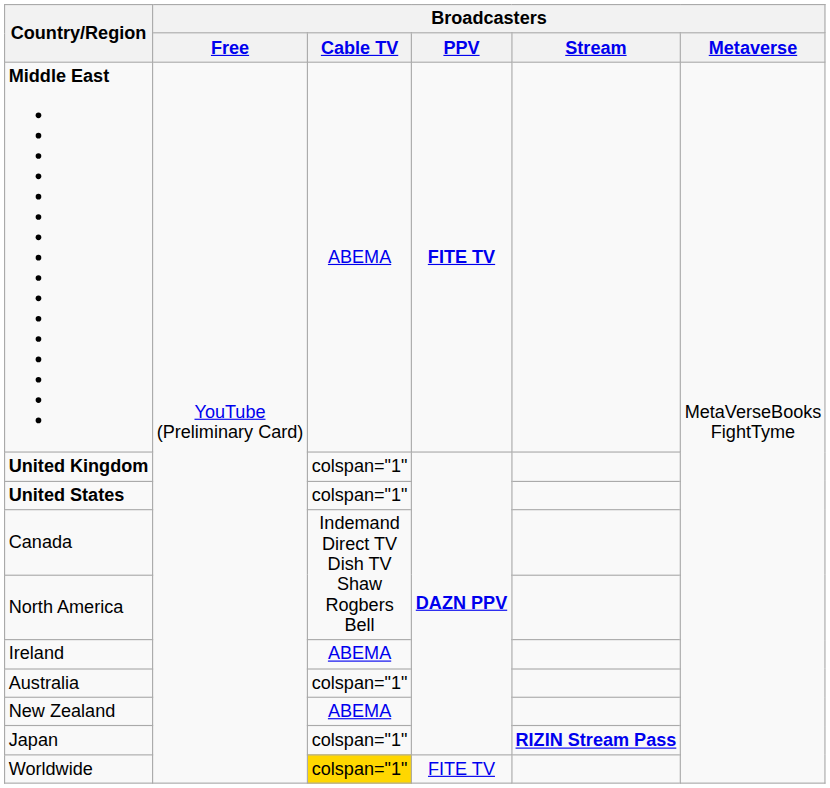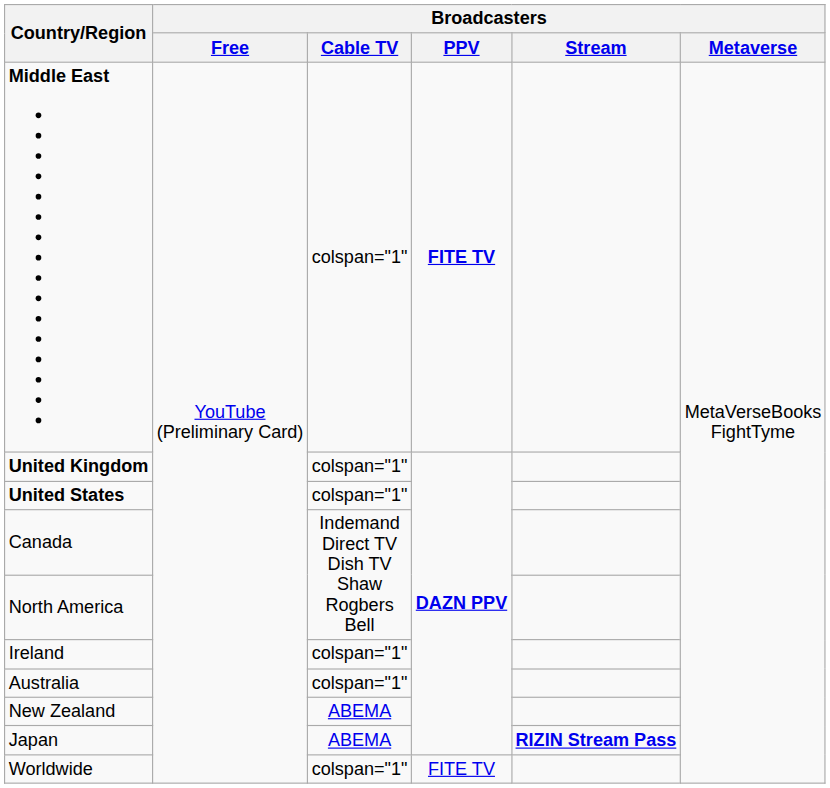 <table class="wikitable">
 <tr>
 <th rowspan="2">Country/Region</th>
 <th colspan="5">Broadcasters</th>
 </tr>
 <tr>
 <th><a href='#'>Free</a></th>
 <th><a href='#'>Cable TV</a></th>
 <th><a href='#'>PPV</a></th>
 <th><a href='#'>Stream</a></th>
 <th><a href='#'>Metaverse</a></th>
 </tr>
 <tr>
 <td><strong>Middle East</strong><br><ul><li></li><li></li><li></li><li></li><li></li><li></li><li></li><li></li><li></li><li></li><li></li><li></li><li></li><li></li><li></li><li></li></ul></td>
 <td rowspan="10" align="center"><a href='#'>YouTube</a> <br> (Preliminary Card)</td>
-<td align="center"><a href='#'>ABEMA</a></td>
+<td>colspan="1" </td>
 <td align="center"><strong><a href='#'>FITE TV</a></strong></td>
 <td></td>
 <td rowspan="10" align="center">MetaVerseBooks <br> FightTyme</td>
 </tr>
 <tr>
 <td><strong>United Kingdom</strong></td>
 <td>colspan="1" </td>
 <td rowspan="8" align="center"><strong><a href='#'>DAZN PPV</a></strong></td>
 <td></td>
 </tr>
 <tr>
 <td><strong>United States</strong></td>
 <td>colspan="1" </td>
 <td></td>
 </tr>
 <tr>
 <td>Canada</td>
 <td rowspan="2" align="center">Indemand <br> Direct TV <br> Dish TV <br> Shaw <br> Rogbers <br> Bell</td>
 <td></td>
 </tr>
 <tr>
 <td>North America</td>
 <td></td>
 </tr>
 <tr>
 <td>Ireland</td>
-<td align="center"><a href='#'>ABEMA</a></td>
+<td>colspan="1" </td>
 <td></td>
 </tr>
 <tr>
 <td>Australia</td>
 <td>colspan="1" </td>
 <td></td>
 </tr>
 <tr>
 <td>New Zealand</td>
 <td align="center"><a href='#'>ABEMA</a></td>
 <td></td>
 </tr>
 <tr>
 <td>Japan</td>
-<td>colspan="1" </td>
+<td align="center"><a href='#'>ABEMA</a></td>
 <td align="center"><strong><a href='#'>RIZIN Stream Pass</a></strong></td>
 </tr>
 <tr>
 <td>Worldwide</td>
-<td style="background: gold;">colspan="1" </td>
+<td>colspan="1" </td>
 <td align="center"><a href='#'>FITE TV</a></td>
 <td></td>
 </tr>
 </table>
